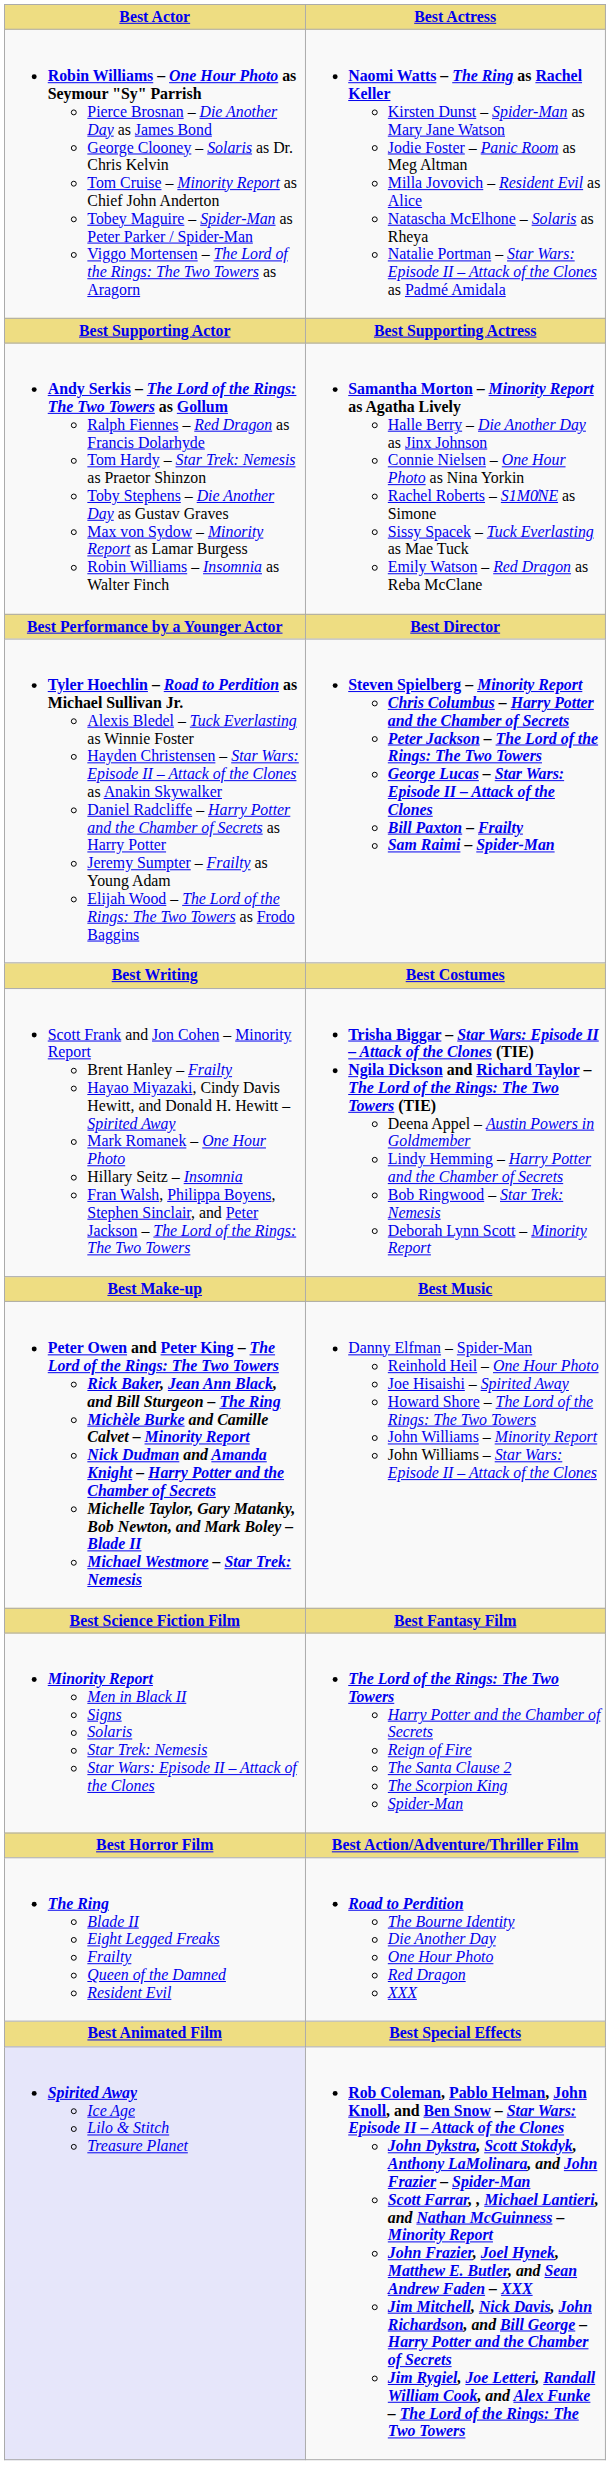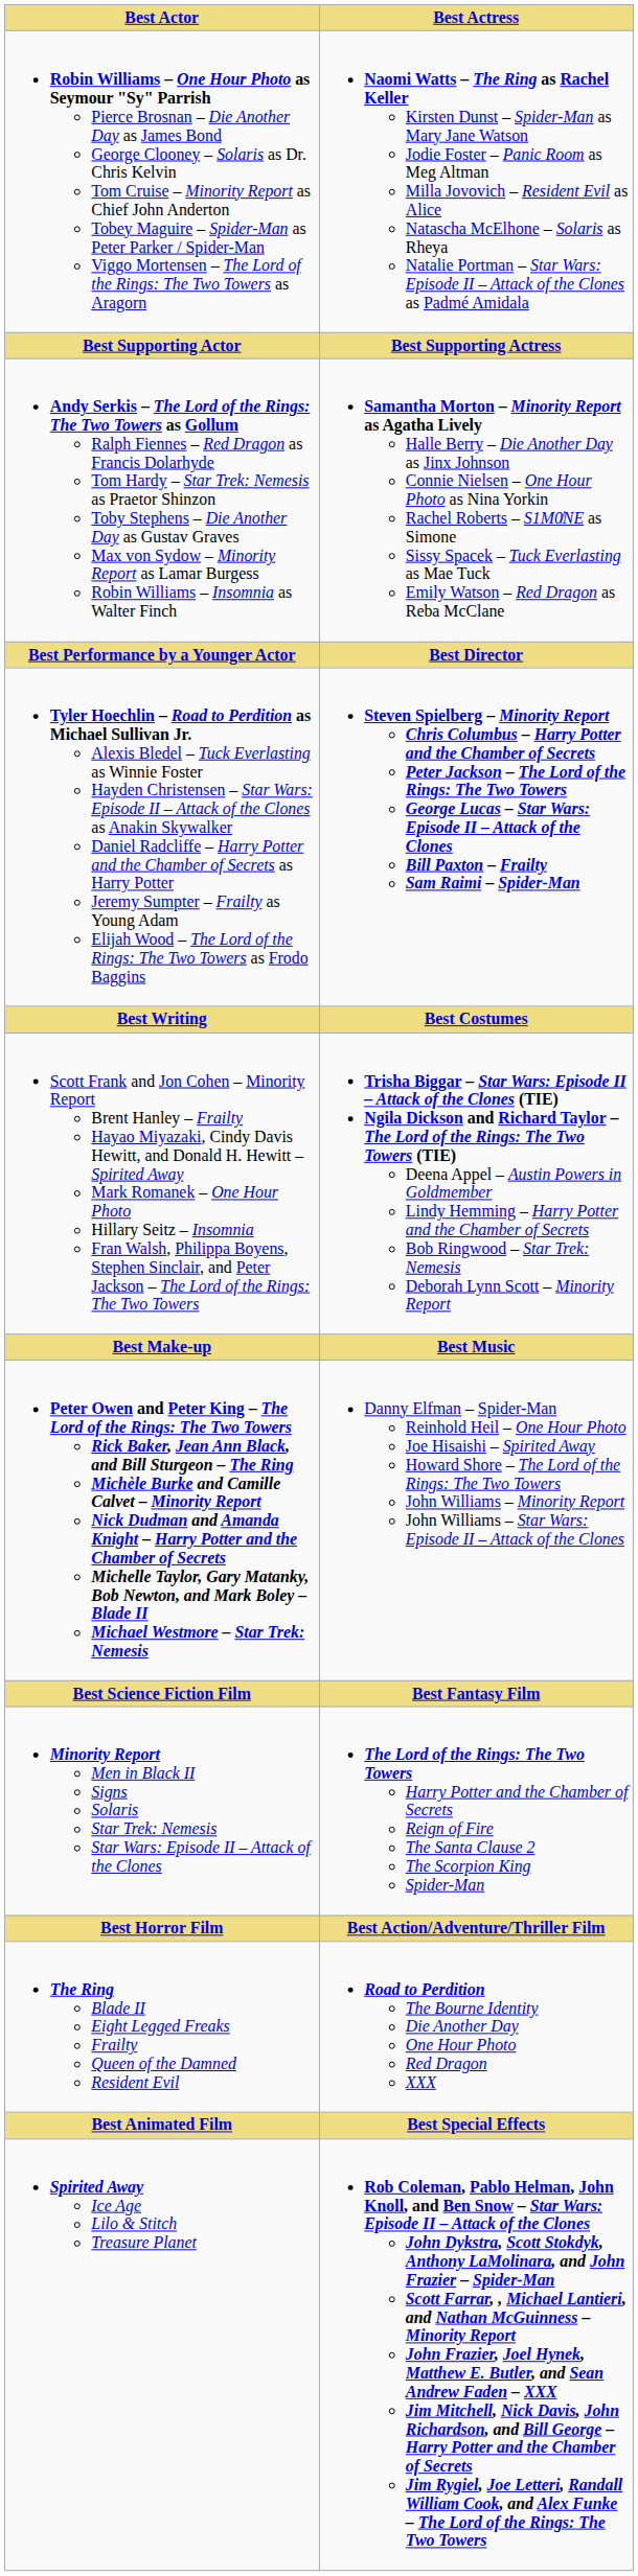 <table class=wikitable>
 <tr>
 <th style="background:#EEDD82; width:50%"><a href='#'>Best Actor</a></th>
 <th style="background:#EEDD82; width:50%"><a href='#'>Best Actress</a></th>
 </tr>
 <tr>
 <td valign="top"><br><ul><li><strong><a href='#'>Robin Williams</a> – <em><a href='#'>One Hour Photo</a></em> as Seymour "Sy" Parrish</strong><ul><li><a href='#'>Pierce Brosnan</a> – <em><a href='#'>Die Another Day</a></em> as <a href='#'>James Bond</a></li><li><a href='#'>George Clooney</a> – <em><a href='#'>Solaris</a></em> as Dr. Chris Kelvin</li><li><a href='#'>Tom Cruise</a> – <em><a href='#'>Minority Report</a></em> as Chief John Anderton</li><li><a href='#'>Tobey Maguire</a> – <em><a href='#'>Spider-Man</a></em> as <a href='#'>Peter Parker / Spider-Man</a></li><li><a href='#'>Viggo Mortensen</a> – <em><a href='#'>The Lord of the Rings: The Two Towers</a></em> as <a href='#'>Aragorn</a></li></ul></li></ul></td>
 <td valign="top"><br><ul><li><strong><a href='#'>Naomi Watts</a> – <em><a href='#'>The Ring</a></em> as <a href='#'>Rachel Keller</a></strong><ul><li><a href='#'>Kirsten Dunst</a> – <em><a href='#'>Spider-Man</a></em> as <a href='#'>Mary Jane Watson</a></li><li><a href='#'>Jodie Foster</a> – <em><a href='#'>Panic Room</a></em> as Meg Altman</li><li><a href='#'>Milla Jovovich</a> – <em><a href='#'>Resident Evil</a></em> as <a href='#'>Alice</a></li><li><a href='#'>Natascha McElhone</a> – <em><a href='#'>Solaris</a></em> as Rheya</li><li><a href='#'>Natalie Portman</a> – <em><a href='#'>Star Wars: Episode II – Attack of the Clones</a></em> as <a href='#'>Padmé Amidala</a></li></ul></li></ul></td>
 </tr>
 <tr>
 <th style="background:#EEDD82; width:50%"><a href='#'>Best Supporting Actor</a></th>
 <th style="background:#EEDD82; width:50%"><a href='#'>Best Supporting Actress</a></th>
 </tr>
 <tr>
 <td valign="top"><br><ul><li><strong><a href='#'>Andy Serkis</a> – <em><a href='#'>The Lord of the Rings: The Two Towers</a></em> as <a href='#'>Gollum</a></strong><ul><li><a href='#'>Ralph Fiennes</a> – <em><a href='#'>Red Dragon</a></em> as <a href='#'>Francis Dolarhyde</a></li><li><a href='#'>Tom Hardy</a> – <em><a href='#'>Star Trek: Nemesis</a></em> as Praetor Shinzon</li><li><a href='#'>Toby Stephens</a> – <em><a href='#'>Die Another Day</a></em> as Gustav Graves</li><li><a href='#'>Max von Sydow</a> – <em><a href='#'>Minority Report</a></em> as Lamar Burgess</li><li><a href='#'>Robin Williams</a> – <em><a href='#'>Insomnia</a></em> as Walter Finch</li></ul></li></ul></td>
 <td valign="top"><br><ul><li><strong><a href='#'>Samantha Morton</a> – <em><a href='#'>Minority Report</a></em> as Agatha Lively</strong><ul><li><a href='#'>Halle Berry</a> – <em><a href='#'>Die Another Day</a></em> as <a href='#'>Jinx Johnson</a></li><li><a href='#'>Connie Nielsen</a> – <em><a href='#'>One Hour Photo</a></em> as Nina Yorkin</li><li><a href='#'>Rachel Roberts</a> – <em><a href='#'>S1M0̸NE</a></em> as Simone</li><li><a href='#'>Sissy Spacek</a> – <em><a href='#'>Tuck Everlasting</a></em> as Mae Tuck</li><li><a href='#'>Emily Watson</a> – <em><a href='#'>Red Dragon</a></em> as Reba McClane</li></ul></li></ul></td>
 </tr>
 <tr>
 <th style="background:#EEDD82; width:50%"><a href='#'>Best Performance by a Younger Actor</a></th>
 <th style="background:#EEDD82; width:50%"><a href='#'>Best Director</a></th>
 </tr>
 <tr>
 <td valign="top"><br><ul><li><strong><a href='#'>Tyler Hoechlin</a> – <em><a href='#'>Road to Perdition</a></em> as Michael Sullivan Jr.</strong><ul><li><a href='#'>Alexis Bledel</a> – <em><a href='#'>Tuck Everlasting</a></em> as Winnie Foster</li><li><a href='#'>Hayden Christensen</a> – <em><a href='#'>Star Wars: Episode II – Attack of the Clones</a></em> as <a href='#'>Anakin Skywalker</a></li><li><a href='#'>Daniel Radcliffe</a> – <em><a href='#'>Harry Potter and the Chamber of Secrets</a></em> as <a href='#'>Harry Potter</a></li><li><a href='#'>Jeremy Sumpter</a> – <em><a href='#'>Frailty</a></em> as Young Adam</li><li><a href='#'>Elijah Wood</a> – <em><a href='#'>The Lord of the Rings: The Two Towers</a></em> as <a href='#'>Frodo Baggins</a></li></ul></li></ul></td>
 <td valign="top"><br><ul><li><strong><a href='#'>Steven Spielberg</a> – <em><a href='#'>Minority Report</a><strong><em><ul><li><a href='#'>Chris Columbus</a> – </em><a href='#'>Harry Potter and the Chamber of Secrets</a><em></li><li><a href='#'>Peter Jackson</a> – </em><a href='#'>The Lord of the Rings: The Two Towers</a><em></li><li><a href='#'>George Lucas</a></em> – <a href='#'>Star Wars: Episode II – Attack of the Clones</a><em></li><li><a href='#'>Bill Paxton</a> – </em><a href='#'>Frailty</a><em></li><li><a href='#'>Sam Raimi</a> – </em><a href='#'>Spider-Man</a><em></li></ul></li></ul></td>
 </tr>
 <tr>
 <th style="background:#EEDD82; width:50%"><a href='#'>Best Writing</a></th>
 <th style="background:#EEDD82; width:50%"><a href='#'>Best Costumes</a></th>
 </tr>
 <tr>
 <td valign="top"><br><ul><li></strong><a href='#'>Scott Frank</a> and <a href='#'>Jon Cohen</a> – </em><a href='#'>Minority Report</a></em></strong><ul><li>Brent Hanley – <em><a href='#'>Frailty</a></em></li><li><a href='#'>Hayao Miyazaki</a>, Cindy Davis Hewitt, and Donald H. Hewitt – <em><a href='#'>Spirited Away</a></em></li><li><a href='#'>Mark Romanek</a> – <em><a href='#'>One Hour Photo</a></em></li><li>Hillary Seitz – <em><a href='#'>Insomnia</a></em></li><li><a href='#'>Fran Walsh</a>, <a href='#'>Philippa Boyens</a>, <a href='#'>Stephen Sinclair</a>, and <a href='#'>Peter Jackson</a> – <em><a href='#'>The Lord of the Rings: The Two Towers</a></em></li></ul></li></ul></td>
 <td valign="top"><br><ul><li><strong><a href='#'>Trisha Biggar</a> – <em><a href='#'>Star Wars: Episode II – Attack of the Clones</a></em> (TIE)</strong></li><li><strong><a href='#'>Ngila Dickson</a> and <a href='#'>Richard Taylor</a> – <em><a href='#'>The Lord of the Rings: The Two Towers</a></em> (TIE)</strong><ul><li>Deena Appel – <em><a href='#'>Austin Powers in Goldmember</a></em></li><li><a href='#'>Lindy Hemming</a> – <em><a href='#'>Harry Potter and the Chamber of Secrets</a></em></li><li><a href='#'>Bob Ringwood</a> – <em><a href='#'>Star Trek: Nemesis</a></em></li><li><a href='#'>Deborah Lynn Scott</a> – <em><a href='#'>Minority Report</a></em></li></ul></li></ul></td>
 </tr>
 <tr>
 <th style="background:#EEDD82; width:50%"><a href='#'>Best Make-up</a></th>
 <th style="background:#EEDD82; width:50%"><a href='#'>Best Music</a></th>
 </tr>
 <tr>
 <td valign="top"><br><ul><li><strong><a href='#'>Peter Owen</a> and <a href='#'>Peter King</a> – <em><a href='#'>The Lord of the Rings: The Two Towers</a><strong><em><ul><li><a href='#'>Rick Baker</a>, <a href='#'>Jean Ann Black</a>, and Bill Sturgeon – </em><a href='#'>The Ring</a><em></li><li><a href='#'>Michèle Burke</a> and Camille Calvet – </em><a href='#'>Minority Report</a><em></li><li><a href='#'>Nick Dudman</a> and <a href='#'>Amanda Knight</a> – </em><a href='#'>Harry Potter and the Chamber of Secrets</a><em></li><li>Michelle Taylor, Gary Matanky, Bob Newton, and Mark Boley – </em><a href='#'>Blade II</a><em></li><li><a href='#'>Michael Westmore</a> – </em><a href='#'>Star Trek: Nemesis</a><em></li></ul></li></ul></td>
 <td valign="top"><br><ul><li></strong><a href='#'>Danny Elfman</a> – </em><a href='#'>Spider-Man</a></em></strong><ul><li><a href='#'>Reinhold Heil</a> – <em><a href='#'>One Hour Photo</a></em></li><li><a href='#'>Joe Hisaishi</a> – <em><a href='#'>Spirited Away</a></em></li><li><a href='#'>Howard Shore</a> – <em><a href='#'>The Lord of the Rings: The Two Towers</a></em></li><li><a href='#'>John Williams</a> – <em><a href='#'>Minority Report</a></em></li><li>John Williams – <em><a href='#'>Star Wars: Episode II – Attack of the Clones</a></em></li></ul></li></ul></td>
 </tr>
 <tr>
 <th style="background:#EEDD82; width:50%"><a href='#'>Best Science Fiction Film</a></th>
 <th style="background:#EEDD82; width:50%"><a href='#'>Best Fantasy Film</a></th>
 </tr>
 <tr>
 <td valign="top"><br><ul><li><strong><em><a href='#'>Minority Report</a></em></strong><ul><li><em><a href='#'>Men in Black II</a></em></li><li><em><a href='#'>Signs</a></em></li><li><em><a href='#'>Solaris</a></em></li><li><em><a href='#'>Star Trek: Nemesis</a></em></li><li><em><a href='#'>Star Wars: Episode II – Attack of the Clones</a></em></li></ul></li></ul></td>
 <td valign="top"><br><ul><li><strong><em><a href='#'>The Lord of the Rings: The Two Towers</a></em></strong><ul><li><em><a href='#'>Harry Potter and the Chamber of Secrets</a></em></li><li><em><a href='#'>Reign of Fire</a></em></li><li><em><a href='#'>The Santa Clause 2</a></em></li><li><em><a href='#'>The Scorpion King</a></em></li><li><em><a href='#'>Spider-Man</a></em></li></ul></li></ul></td>
 </tr>
 <tr>
 <th style="background:#EEDD82; width:50%"><a href='#'>Best Horror Film</a></th>
 <th style="background:#EEDD82; width:50%"><a href='#'>Best Action/Adventure/Thriller Film</a></th>
 </tr>
 <tr>
 <td valign="top"><br><ul><li><strong><em><a href='#'>The Ring</a></em></strong><ul><li><em><a href='#'>Blade II</a></em></li><li><em><a href='#'>Eight Legged Freaks</a></em></li><li><em><a href='#'>Frailty</a></em></li><li><em><a href='#'>Queen of the Damned</a></em></li><li><em><a href='#'>Resident Evil</a></em></li></ul></li></ul></td>
 <td valign="top"><br><ul><li><strong><em><a href='#'>Road to Perdition</a></em></strong><ul><li><em><a href='#'>The Bourne Identity</a></em></li><li><em><a href='#'>Die Another Day</a></em></li><li><em><a href='#'>One Hour Photo</a></em></li><li><em><a href='#'>Red Dragon</a></em></li><li><em><a href='#'>XXX</a></em></li></ul></li></ul></td>
 </tr>
 <tr>
 <th style="background:#EEDD82; width:50%"><a href='#'>Best Animated Film</a></th>
 <th style="background:#EEDD82; width:50%"><a href='#'>Best Special Effects</a></th>
 </tr>
 <tr>
-<td valign="top" style="background: lavender;"><br><ul><li><strong><em><a href='#'>Spirited Away</a></em></strong><ul><li><em><a href='#'>Ice Age</a></em></li><li><em><a href='#'>Lilo & Stitch</a></em></li><li><em><a href='#'>Treasure Planet</a></em></li></ul></li></ul></td>
+<td valign="top"><br><ul><li><strong><em><a href='#'>Spirited Away</a></em></strong><ul><li><em><a href='#'>Ice Age</a></em></li><li><em><a href='#'>Lilo & Stitch</a></em></li><li><em><a href='#'>Treasure Planet</a></em></li></ul></li></ul></td>
 <td valign="top"><br><ul><li><strong><a href='#'>Rob Coleman</a>, <a href='#'>Pablo Helman</a>, <a href='#'>John Knoll</a>, and <a href='#'>Ben Snow</a> – <em><a href='#'>Star Wars: Episode II – Attack of the Clones</a><strong><em><ul><li><a href='#'>John Dykstra</a>, <a href='#'>Scott Stokdyk</a>, <a href='#'>Anthony LaMolinara</a>, and <a href='#'>John Frazier</a> – </em><a href='#'>Spider-Man</a><em></li><li><a href='#'>Scott Farrar</a>, , <a href='#'>Michael Lantieri</a>, and <a href='#'>Nathan McGuinness</a> – </em><a href='#'>Minority Report</a><em></li><li><a href='#'>John Frazier</a>, <a href='#'>Joel Hynek</a>, <a href='#'>Matthew E. Butler</a>, and <a href='#'>Sean Andrew Faden</a> – </em><a href='#'>XXX</a><em></li><li><a href='#'>Jim Mitchell</a>, <a href='#'>Nick Davis</a>, <a href='#'>John Richardson</a>, and <a href='#'>Bill George</a> – </em><a href='#'>Harry Potter and the Chamber of Secrets</a><em></li><li><a href='#'>Jim Rygiel</a>, <a href='#'>Joe Letteri</a>, <a href='#'>Randall William Cook</a>, and <a href='#'>Alex Funke</a> – </em><a href='#'>The Lord of the Rings: The Two Towers</a><em></li></ul></li></ul></td>
 </tr>
 </table>
